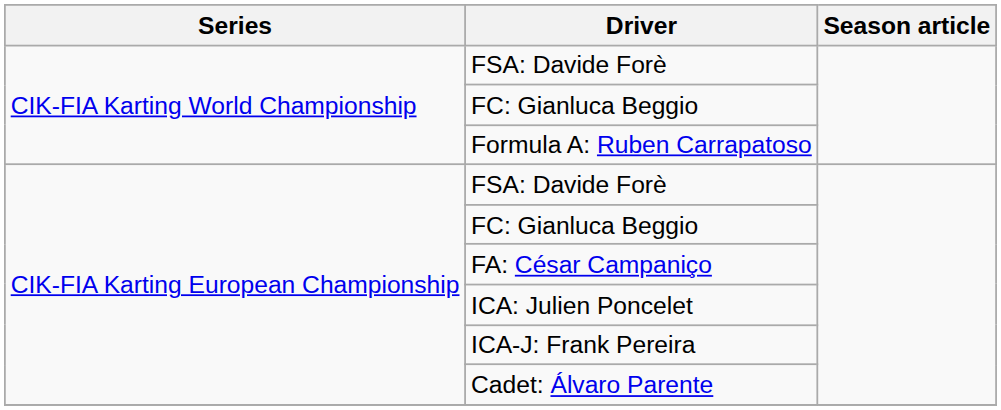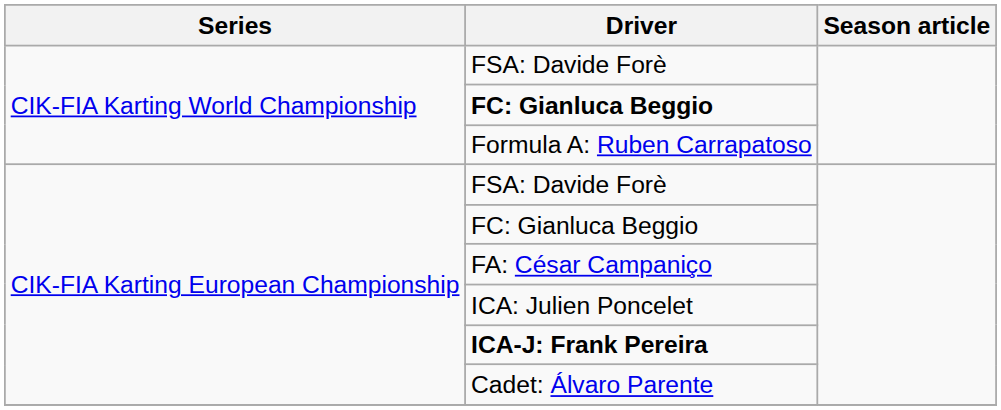 <table class="wikitable" style="font-size: 87%;">
 <tr>
 <th>Series</th>
 <th>Driver</th>
 <th>Season article</th>
 </tr>
 <tr>
 <td rowspan=3><a href='#'>CIK-FIA Karting World Championship</a></td>
 <td>FSA:  Davide Forè</td>
 <td rowspan=3></td>
 </tr>
 <tr>
-<td>FC:  Gianluca Beggio</td>
+<td><strong>FC:  Gianluca Beggio</strong></td>
 </tr>
 <tr>
 <td>Formula A:  <a href='#'>Ruben Carrapatoso</a></td>
 </tr>
 <tr>
 <td rowspan=6><a href='#'>CIK-FIA Karting European Championship</a></td>
 <td>FSA:  Davide Forè</td>
 <td rowspan=6></td>
 </tr>
 <tr>
 <td>FC:  Gianluca Beggio</td>
 </tr>
 <tr>
 <td>FA:  <a href='#'>César Campaniço</a></td>
 </tr>
 <tr>
 <td>ICA:  Julien Poncelet</td>
 </tr>
 <tr>
-<td>ICA-J:  Frank Pereira</td>
+<td><strong>ICA-J:  Frank Pereira</strong></td>
 </tr>
 <tr>
 <td>Cadet:  <a href='#'>Álvaro Parente</a></td>
 </tr>
 <tr>
 </tr>
 </table>
